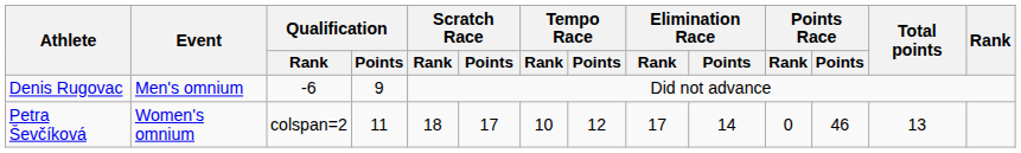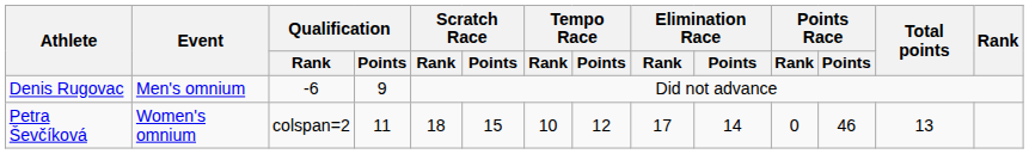 <table class="wikitable" style="font-size:90%">
 <tr>
 <th rowspan="2">Athlete</th>
 <th rowspan="2">Event</th>
 <th colspan=2>Qualification</th>
 <th colspan=2>Scratch Race</th>
 <th colspan=2>Tempo Race</th>
 <th colspan=2>Elimination Race</th>
 <th colspan=2>Points Race</th>
 <th rowspan=2>Total points</th>
 <th rowspan=2>Rank</th>
 </tr>
 <tr style="font-size:95%">
 <th>Rank</th>
 <th>Points</th>
 <th>Rank</th>
 <th>Points</th>
 <th>Rank</th>
 <th>Points</th>
 <th>Rank</th>
 <th>Points</th>
 <th>Rank</th>
 <th>Points</th>
 </tr>
 <tr align=center>
 <td align=left><a href='#'>Denis Rugovac</a></td>
 <td align=left><a href='#'>Men's omnium</a></td>
 <td>-6</td>
 <td>9</td>
 <td colspan=10>Did not advance</td>
 </tr>
 <tr align=center>
 <td align=left><a href='#'>Petra Ševčíková</a></td>
 <td align=left><a href='#'>Women's omnium</a></td>
 <td>colspan=2</td>
 <td>11</td>
 <td>18</td>
-<td>17</td>
+<td>15</td>
 <td>10</td>
 <td>12</td>
 <td>17</td>
 <td>14</td>
 <td>0</td>
 <td>46</td>
 <td>13</td>
 </tr>
 </table>
